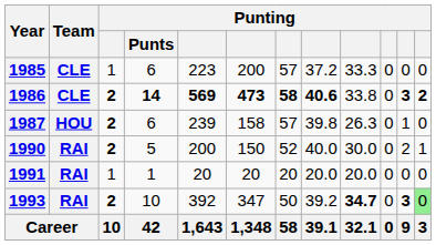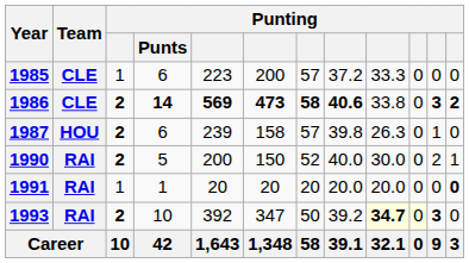 <table class=wikitable style="text-align:center;">
 <tr>
 <th rowspan="2">Year</th>
 <th rowspan="2">Team</th>
 <th colspan="10">Punting</th>
 </tr>
 <tr>
 <th></th>
 <th>Punts</th>
 <th></th>
 <th></th>
 <th></th>
 <th></th>
 <th></th>
 <th></th>
 <th></th>
 <th></th>
 </tr>
 <tr>
 <th><a href='#'>1985</a></th>
 <th><a href='#'>CLE</a></th>
 <td>1</td>
 <td>6</td>
 <td>223</td>
 <td>200</td>
 <td>57</td>
 <td>37.2</td>
 <td>33.3</td>
 <td>0</td>
 <td>0</td>
 <td>0</td>
 </tr>
 <tr>
 <th><a href='#'>1986</a></th>
 <th><a href='#'>CLE</a></th>
 <td><strong>2</strong></td>
 <td><strong>14</strong></td>
 <td><strong>569</strong></td>
 <td><strong>473</strong></td>
 <td><strong>58</strong></td>
 <td><strong>40.6</strong></td>
 <td>33.8</td>
 <td>0</td>
 <td><strong>3</strong></td>
 <td><strong>2</strong></td>
 </tr>
 <tr>
 <th><a href='#'>1987</a></th>
 <th><a href='#'>HOU</a></th>
 <td><strong>2</strong></td>
 <td>6</td>
 <td>239</td>
 <td>158</td>
 <td>57</td>
 <td>39.8</td>
 <td>26.3</td>
 <td>0</td>
 <td>1</td>
 <td>0</td>
 </tr>
 <tr>
 <th><a href='#'>1990</a></th>
 <th><a href='#'>RAI</a></th>
 <td><strong>2</strong></td>
 <td>5</td>
 <td>200</td>
 <td>150</td>
 <td>52</td>
 <td>40.0</td>
 <td>30.0</td>
 <td>0</td>
 <td>2</td>
 <td>1</td>
 </tr>
 <tr>
 <th><a href='#'>1991</a></th>
 <th><a href='#'>RAI</a></th>
 <td>1</td>
 <td>1</td>
 <td>20</td>
 <td>20</td>
 <td>20</td>
 <td>20.0</td>
 <td>20.0</td>
 <td>0</td>
 <td>0</td>
-<td>0</td>
+<td><strong>0</strong></td>
 </tr>
 <tr>
 <th><a href='#'>1993</a></th>
 <th><a href='#'>RAI</a></th>
 <td><strong>2</strong></td>
 <td>10</td>
 <td>392</td>
 <td>347</td>
 <td>50</td>
 <td>39.2</td>
-<td><strong>34.7</strong></td>
+<td style="background: lightyellow;"><strong>34.7</strong></td>
+<td style="background: lightyellow;">0</td>
+<td><strong>3</strong></td>
 <td>0</td>
-<td><strong>3</strong></td>
-<td style="background: lightgreen;">0</td>
 </tr>
 <tr>
 <th colspan="2">Career</th>
 <th>10</th>
 <th>42</th>
 <th>1,643</th>
 <th>1,348</th>
 <th>58</th>
 <th>39.1</th>
 <th>32.1</th>
 <th>0</th>
 <th>9</th>
 <th>3</th>
 </tr>
 </table>
